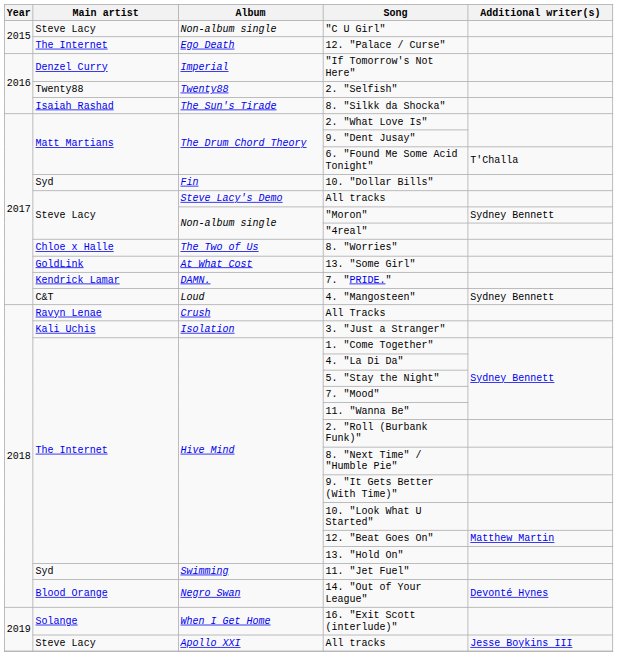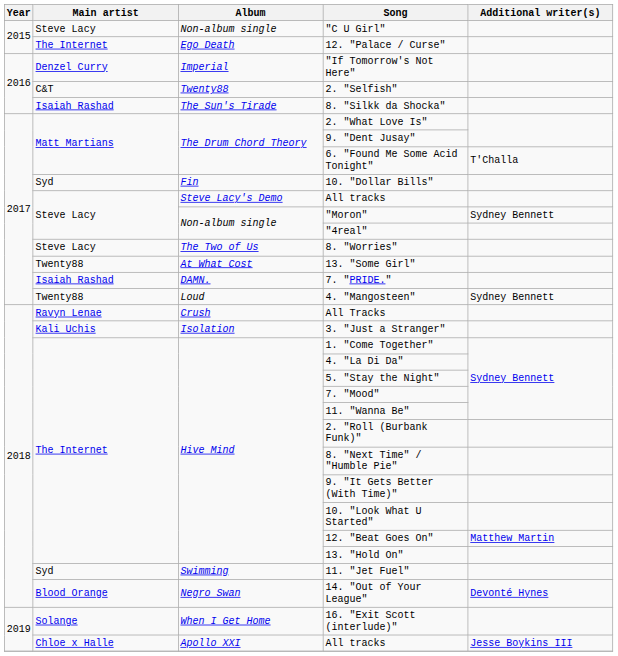 <table class="wikitable" style="text=align:center;">
 <tr>
 <th scope="col" style="width:2em;">Year</th>
 <th scope="col" style="width:14em;">Main artist</th>
 <th scope="col" style="width:14em;">Album</th>
 <th scope="col" style="width:14em;">Song</th>
 <th scope="col" style="width:14em;">Additional writer(s)</th>
 </tr>
 <tr>
 <td rowspan="2">2015</td>
 <td>Steve Lacy</td>
 <td><em>Non-album single</em></td>
 <td>"C U Girl"</td>
 <td></td>
 </tr>
 <tr>
 <td><a href='#'>The Internet</a></td>
 <td><em><a href='#'>Ego Death</a></em></td>
 <td>12. "Palace / Curse" </td>
 <td></td>
 </tr>
 <tr>
 <td rowspan="3">2016</td>
 <td><a href='#'>Denzel Curry</a></td>
 <td><em><a href='#'>Imperial</a></em></td>
 <td>"If Tomorrow's Not Here"</td>
 <td></td>
 </tr>
 <tr>
-<td>Twenty88</td>
+<td>C&T</td>
 <td><em><a href='#'>Twenty88</a></em></td>
 <td>2. "Selfish"</td>
 <td></td>
 </tr>
 <tr>
 <td><a href='#'>Isaiah Rashad</a></td>
 <td><em><a href='#'>The Sun's Tirade</a></em></td>
 <td>8. "Silkk da Shocka" </td>
 <td></td>
 </tr>
 <tr>
 <td rowspan="11">2017</td>
 <td rowspan="3"><a href='#'>Matt Martians</a></td>
 <td rowspan="3"><em><a href='#'>The Drum Chord Theory</a></em></td>
 <td>2. "What Love Is"</td>
 <td rowspan="2"></td>
 </tr>
 <tr>
 <td>9. "Dent Jusay" </td>
 </tr>
 <tr>
 <td>6. "Found Me Some Acid Tonight" </td>
 <td>T'Challa</td>
 </tr>
 <tr>
 <td>Syd</td>
 <td><em><a href='#'>Fin</a></em></td>
 <td>10. "Dollar Bills" </td>
 <td></td>
 </tr>
 <tr>
 <td rowspan="3">Steve Lacy</td>
 <td><em><a href='#'>Steve Lacy's Demo</a></em></td>
 <td>All tracks	</td>
 <td></td>
 </tr>
 <tr>
 <td rowspan = "2"><em>Non-album single</em></td>
 <td>"Moron"</td>
 <td>Sydney Bennett</td>
 </tr>
 <tr>
 <td>"4real"</td>
 <td></td>
 </tr>
 <tr>
-<td><a href='#'>Chloe x Halle</a></td>
+<td>Steve Lacy</td>
 <td><em><a href='#'>The Two of Us</a></em></td>
 <td>8. "Worries"</td>
 <td></td>
 </tr>
 <tr>
-<td><a href='#'>GoldLink</a></td>
+<td>Twenty88</td>
 <td><em><a href='#'>At What Cost</a></em></td>
 <td>13. "Some Girl" </td>
 <td></td>
 </tr>
 <tr>
-<td><a href='#'>Kendrick Lamar</a></td>
+<td><a href='#'>Isaiah Rashad</a></td>
 <td><em><a href='#'>DAMN.</a></em></td>
 <td>7. "<a href='#'>PRIDE.</a>"</td>
 <td></td>
 </tr>
 <tr>
-<td>C&T</td>
+<td>Twenty88</td>
 <td><em>Loud</em></td>
 <td>4. "Mangosteen" </td>
 <td>Sydney Bennett</td>
 </tr>
 <tr>
 <td rowspan = "15">2018</td>
 <td><a href='#'>Ravyn Lenae</a></td>
 <td><em><a href='#'>Crush</a></em></td>
 <td>All Tracks</td>
 <td></td>
 </tr>
 <tr>
 <td><a href='#'>Kali Uchis</a></td>
 <td><em><a href='#'>Isolation</a></em></td>
 <td>3. "Just a Stranger" </td>
 <td></td>
 </tr>
 <tr>
 <td rowspan="11"><a href='#'>The Internet</a></td>
 <td rowspan="11"><em><a href='#'>Hive Mind</a></em></td>
 <td>1. "Come Together"</td>
 <td rowspan="5"><a href='#'>Sydney Bennett</a></td>
 </tr>
 <tr>
 <td>4. "La Di Da"</td>
 </tr>
 <tr>
 <td>5. "Stay the Night"</td>
 </tr>
 <tr>
 <td>7. "Mood"</td>
 </tr>
 <tr>
 <td>11. "Wanna Be"</td>
 </tr>
 <tr>
 <td>2. "Roll (Burbank Funk)"</td>
 <td></td>
 </tr>
 <tr>
 <td>8. "Next Time" / "Humble Pie"</td>
 <td></td>
 </tr>
 <tr>
 <td>9. "It Gets Better (With Time)"</td>
 <td></td>
 </tr>
 <tr>
 <td>10. "Look What U Started"</td>
 <td></td>
 </tr>
 <tr>
 <td>12. "Beat Goes On"</td>
 <td><a href='#'>Matthew Martin</a></td>
 </tr>
 <tr>
 <td>13. "Hold On"</td>
 <td></td>
 </tr>
 <tr>
 <td>Syd</td>
 <td><em><a href='#'>Swimming</a></em></td>
 <td>11. "Jet Fuel"</td>
 <td></td>
 </tr>
 <tr>
 <td><a href='#'>Blood Orange</a></td>
 <td><em><a href='#'>Negro Swan</a></em></td>
 <td>14. "Out of Your League" </td>
 <td><a href='#'>Devonté Hynes</a></td>
 </tr>
 <tr>
 <td rowspan="2">2019</td>
 <td><a href='#'>Solange</a></td>
 <td><em><a href='#'>When I Get Home</a></em></td>
 <td>16. "Exit Scott (interlude)"</td>
 <td></td>
 </tr>
 <tr>
-<td>Steve Lacy</td>
+<td><a href='#'>Chloe x Halle</a></td>
 <td><em><a href='#'>Apollo XXI</a></em></td>
 <td>All tracks</td>
 <td><a href='#'>Jesse Boykins III</a> </td>
 </tr>
 <tr>
 </tr>
 </table>
